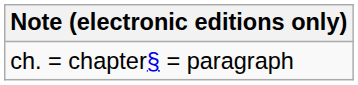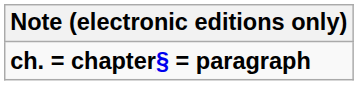 <table class="wikitable plainrowheaders">
 <tr>
 <th>Note (electronic editions only)</th>
 </tr>
 <tr>
-<td>ch. = chapter<a href='#'>§</a>   = paragraph</td>
+<td><strong>ch. = chapter<a href='#'>§</a>   = paragraph</strong></td>
 </tr>
 </table>
